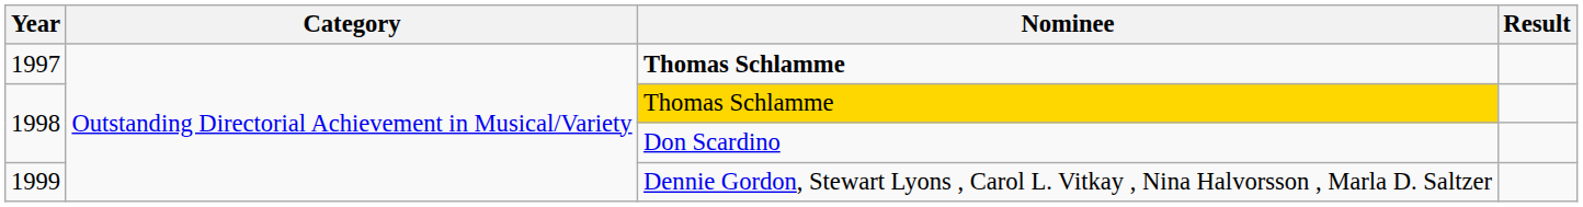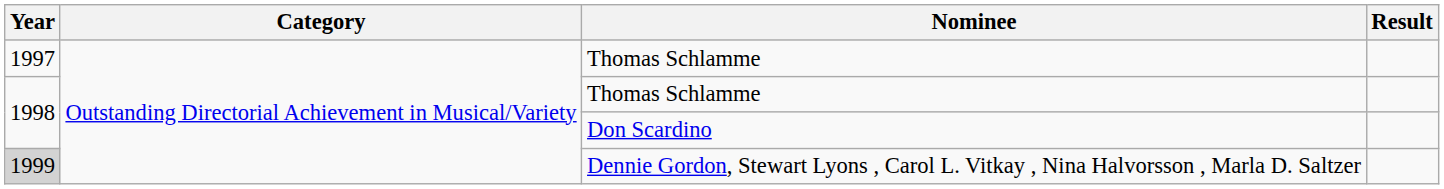 <table class="wikitable">
 <tr>
 <th>Year</th>
 <th>Category</th>
 <th>Nominee</th>
 <th>Result</th>
 </tr>
 <tr>
 <td>1997</td>
 <td rowspan=4><a href='#'>Outstanding Directorial Achievement in Musical/Variety</a></td>
-<td><strong>Thomas Schlamme <br></strong></td>
+<td>Thomas Schlamme <br></td>
 <td></td>
 </tr>
 <tr>
 <td rowspan=2>1998</td>
-<td style="background: gold;">Thomas Schlamme<br></td>
+<td>Thomas Schlamme<br></td>
 <td></td>
 </tr>
 <tr>
 <td><a href='#'>Don Scardino</a><br></td>
 <td></td>
 </tr>
 <tr>
-<td>1999</td>
+<td style="background: lightgrey;">1999</td>
 <td><a href='#'>Dennie Gordon</a>, Stewart Lyons , Carol L. Vitkay , Nina Halvorsson , Marla D. Saltzer <br></td>
 <td></td>
 </tr>
 </table>
